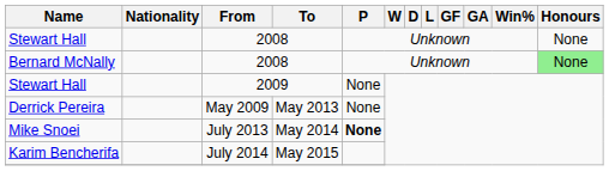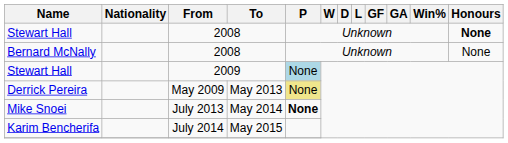 <table class="wikitable plainrowheaders sortable" style="text-align:center">
 <tr>
 <th>Name</th>
 <th>Nationality</th>
 <th>From</th>
 <th class="unsortable">To</th>
 <th>P</th>
 <th>W</th>
 <th>D</th>
 <th>L</th>
 <th>GF</th>
 <th>GA</th>
 <th>Win%</th>
 <th class="unsortable">Honours</th>
 </tr>
 <tr>
 <td scope=row style=text-align:left><a href='#'>Stewart Hall</a></td>
 <td align=left></td>
 <td colspan="2">2008</td>
 <td colspan="7"><em>Unknown</em></td>
-<td>None</td>
+<td><strong>None</strong></td>
 </tr>
 <tr>
 <td scope=row style=text-align:left><a href='#'>Bernard McNally</a></td>
 <td align=left></td>
 <td colspan="2">2008</td>
 <td colspan="7"><em>Unknown</em></td>
-<td style="background: lightgreen;">None</td>
+<td>None</td>
 </tr>
 <tr>
 <td scope=row style=text-align:left><a href='#'>Stewart Hall</a></td>
 <td align=left></td>
 <td colspan="2">2009<br></td>
-<td>None</td>
+<td style="background: lightblue;">None</td>
 </tr>
 <tr>
 <td scope=row style=text-align:left><a href='#'>Derrick Pereira</a></td>
 <td align=left></td>
 <td>May 2009</td>
 <td>May 2013<br></td>
-<td>None</td>
+<td style="background: khaki;">None</td>
 </tr>
 <tr>
 <td scope=row style=text-align:left><a href='#'>Mike Snoei</a></td>
 <td align=left></td>
 <td>July 2013</td>
 <td>May 2014<br></td>
 <td><strong>None</strong></td>
 </tr>
 <tr>
 <td scope=row style=text-align:left><a href='#'>Karim Bencherifa</a></td>
 <td align=left></td>
 <td>July 2014</td>
 <td>May 2015<br></td>
 <td></td>
 </tr>
 <tr>
 </tr>
 </table>
